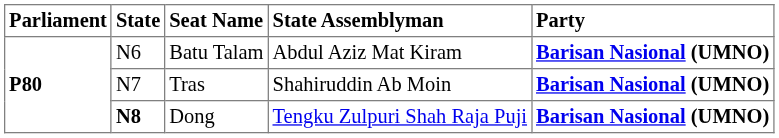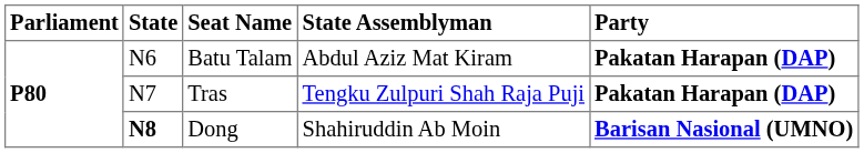 <table class="toccolours sortable" border="1" cellpadding="3" style="border-collapse:collapse; text-align: left;">
 <tr>
 <th style="text-align:center;">Parliament</th>
 <th>State</th>
 <th>Seat Name</th>
 <th>State Assemblyman</th>
 <th>Party</th>
 </tr>
 <tr>
 <th style="text-align:left;" rowspan="3">P80</th>
 <td>N6</td>
 <td>Batu Talam</td>
 <td>Abdul Aziz Mat Kiram</td>
-<td><strong><a href='#'>Barisan Nasional</a> (UMNO)</strong></td>
+<td><strong>Pakatan Harapan (<a href='#'>DAP</a>)</strong></td>
 </tr>
 <tr>
 <td>N7</td>
 <td>Tras</td>
-<td>Shahiruddin Ab Moin</td>
-<td><strong><a href='#'>Barisan Nasional</a> (UMNO)</strong></td>
+<td><a href='#'>Tengku Zulpuri Shah Raja Puji</a></td>
+<td><strong>Pakatan Harapan (<a href='#'>DAP</a>)</strong></td>
 </tr>
 <tr>
 <td><strong>N8</strong></td>
 <td>Dong</td>
-<td><a href='#'>Tengku Zulpuri Shah Raja Puji</a></td>
+<td>Shahiruddin Ab Moin</td>
 <td><strong><a href='#'>Barisan Nasional</a> (UMNO)</strong></td>
 </tr>
 </table>
